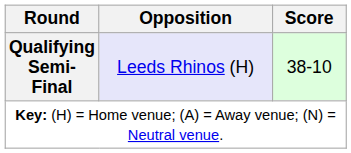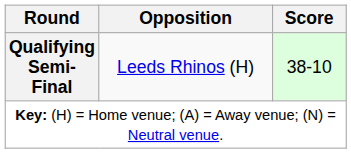 <table class="wikitable plainrowheaders" style="text-align:center;margin-left:1em;float:right">
 <tr>
 <th width="25">Round</th>
 <th width="150">Opposition</th>
 <th width="60">Score</th>
 </tr>
 <tr>
 <th scope=row style="text-align:center">Qualifying Semi-Final</th>
-<td style="background: lavender;"> <a href='#'>Leeds Rhinos</a> (H)</td>
+<td> <a href='#'>Leeds Rhinos</a> (H)</td>
 <td bgcolor=DDFFDD>38-10</td>
 </tr>
 <tr>
 <td colspan="3" style="background-color:white;"><small><strong>Key:</strong> (H) = Home venue; (A) = Away venue; (N) = <a href='#'>Neutral venue</a>.</small></td>
 </tr>
 </table>
